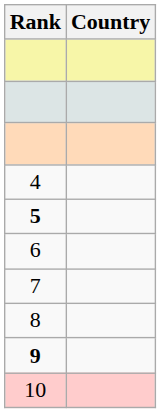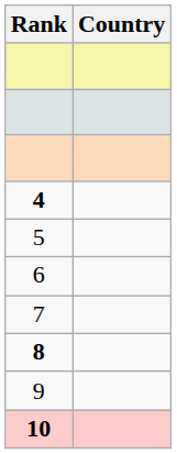 <table class="wikitable">
 <tr>
 <th>Rank</th>
 <th>Country</th>
 </tr>
 <tr bgcolor="#F7F6A8">
 <td align="center" style="height:23px"></td>
 <td></td>
 </tr>
 <tr bgcolor="#DCE5E5">
 <td align="center" style="height:23px"></td>
 <td></td>
 </tr>
 <tr bgcolor="#FFDAB9">
 <td align="center" style="height:23px"></td>
 <td></td>
 </tr>
 <tr>
-<td align="center">4</td>
+<td align="center"><strong>4</strong></td>
 <td></td>
 </tr>
 <tr>
-<td align="center"><strong>5</strong></td>
+<td align="center">5</td>
 <td></td>
 </tr>
 <tr>
 <td align="center">6</td>
 <td></td>
 </tr>
 <tr>
 <td align="center">7</td>
 <td></td>
 </tr>
 <tr>
-<td align="center">8</td>
+<td align="center"><strong>8</strong></td>
 <td></td>
 </tr>
 <tr>
-<td align="center"><strong>9</strong></td>
+<td align="center">9</td>
 <td></td>
 </tr>
 <tr bgcolor="#ffcccc">
-<td align="center">10</td>
+<td align="center"><strong>10</strong></td>
 <td></td>
 </tr>
 </table>
